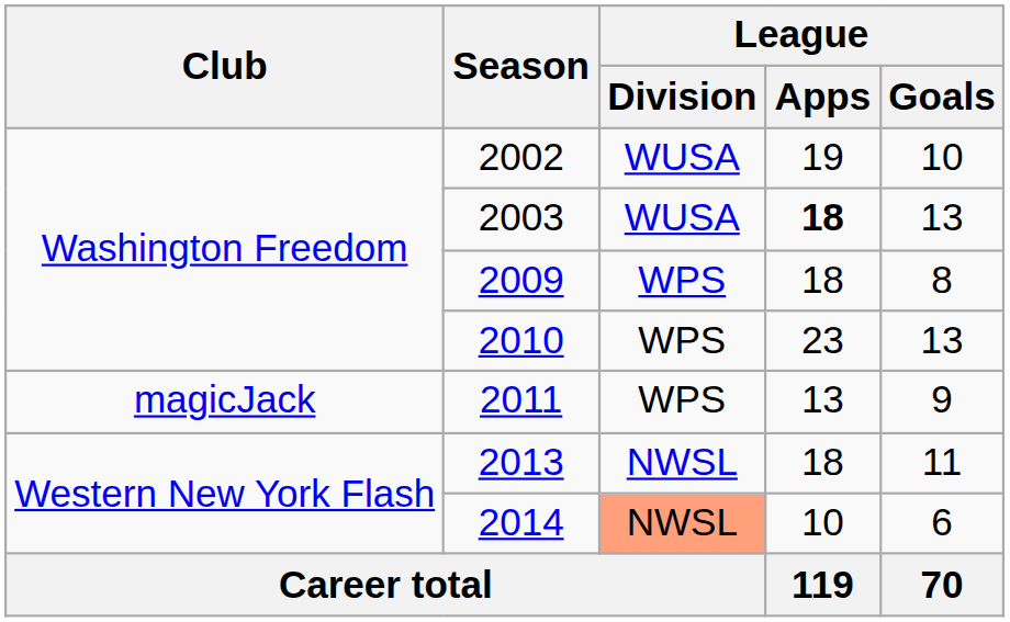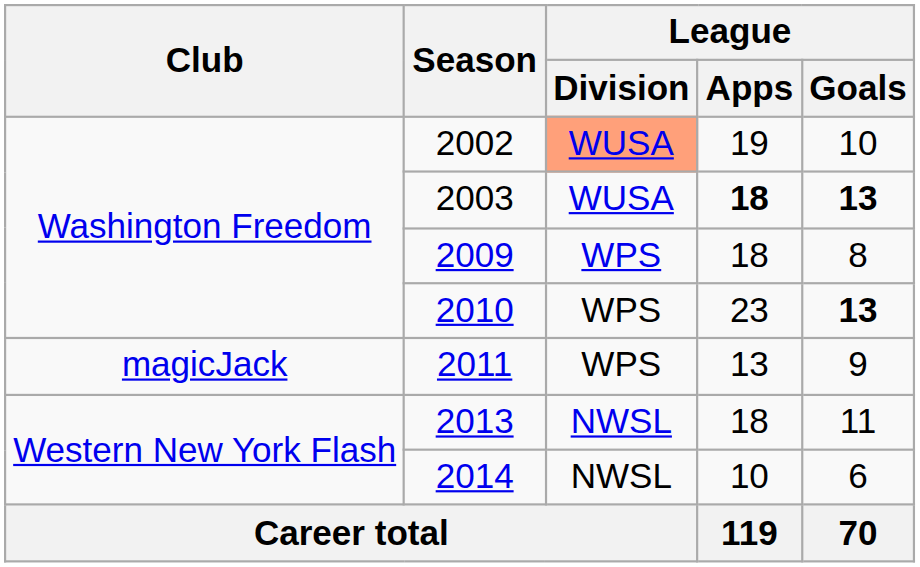 <table class="wikitable" style="text-align:center">
 <tr>
 <th rowspan="2">Club</th>
 <th rowspan="2">Season</th>
 <th colspan="3">League</th>
 </tr>
 <tr>
 <th>Division</th>
 <th>Apps</th>
 <th>Goals</th>
 </tr>
 <tr>
 <td rowspan="4"><a href='#'>Washington Freedom</a></td>
 <td>2002</td>
-<td><a href='#'>WUSA</a></td>
+<td style="background: lightsalmon;"><a href='#'>WUSA</a></td>
 <td>19</td>
 <td>10</td>
 </tr>
 <tr>
 <td>2003</td>
 <td><a href='#'>WUSA</a></td>
 <td><strong>18</strong></td>
-<td>13</td>
+<td><strong>13</strong></td>
 </tr>
 <tr>
 <td><a href='#'>2009</a></td>
 <td><a href='#'>WPS</a></td>
 <td>18</td>
 <td>8</td>
 </tr>
 <tr>
 <td><a href='#'>2010</a></td>
 <td>WPS</td>
 <td>23</td>
-<td>13</td>
+<td><strong>13</strong></td>
 </tr>
 <tr>
 <td><a href='#'>magicJack</a></td>
 <td><a href='#'>2011</a></td>
 <td>WPS</td>
 <td>13</td>
 <td>9</td>
 </tr>
 <tr>
 <td rowspan="2"><a href='#'>Western New York Flash</a></td>
 <td><a href='#'>2013</a></td>
 <td><a href='#'>NWSL</a></td>
 <td>18</td>
 <td>11</td>
 </tr>
 <tr>
 <td><a href='#'>2014</a></td>
-<td style="background: lightsalmon;">NWSL</td>
+<td>NWSL</td>
 <td>10</td>
 <td>6</td>
 </tr>
 <tr>
 <th colspan="3">Career total</th>
 <th>119</th>
 <th>70</th>
 </tr>
 </table>
